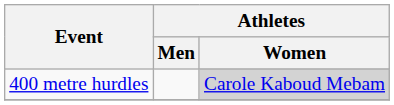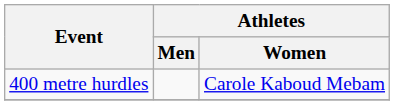 <table class=wikitable style="font-size:90%">
 <tr>
 <th rowspan=2>Event</th>
 <th colspan=2>Athletes</th>
 </tr>
 <tr>
 <th>Men</th>
 <th>Women</th>
 </tr>
 <tr>
 <td><a href='#'>400 metre hurdles</a></td>
 <td></td>
-<td style="background: lightgrey;"><a href='#'>Carole Kaboud Mebam</a></td>
+<td><a href='#'>Carole Kaboud Mebam</a></td>
 </tr>
 <tr>
 </tr>
 </table>
